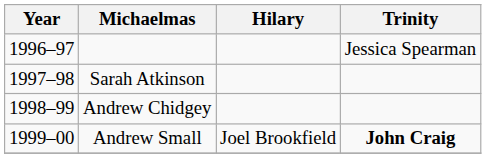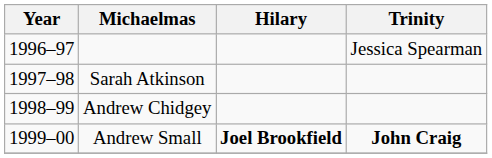 <table class="wikitable sortable">
 <tr>
 <th>Year</th>
 <th>Michaelmas</th>
 <th>Hilary</th>
 <th>Trinity</th>
 </tr>
 <tr>
 <td align="center">1996–97</td>
 <td align="center"></td>
 <td align="center"></td>
 <td align="center"> Jessica Spearman</td>
 </tr>
 <tr>
 <td align="center">1997–98</td>
 <td align="center"> Sarah Atkinson</td>
 <td align="center"></td>
 <td align="center"></td>
 </tr>
 <tr>
 <td align="center">1998–99</td>
 <td align="center"> Andrew Chidgey</td>
 <td align="center"></td>
 <td align="center"></td>
 </tr>
 <tr>
 <td align="center">1999–00</td>
 <td align="center"> Andrew Small</td>
-<td align="center"> Joel Brookfield</td>
+<td align="center"><strong> Joel Brookfield</strong></td>
 <td align="center"><strong> John Craig</strong></td>
 </tr>
 <tr>
 </tr>
 </table>
